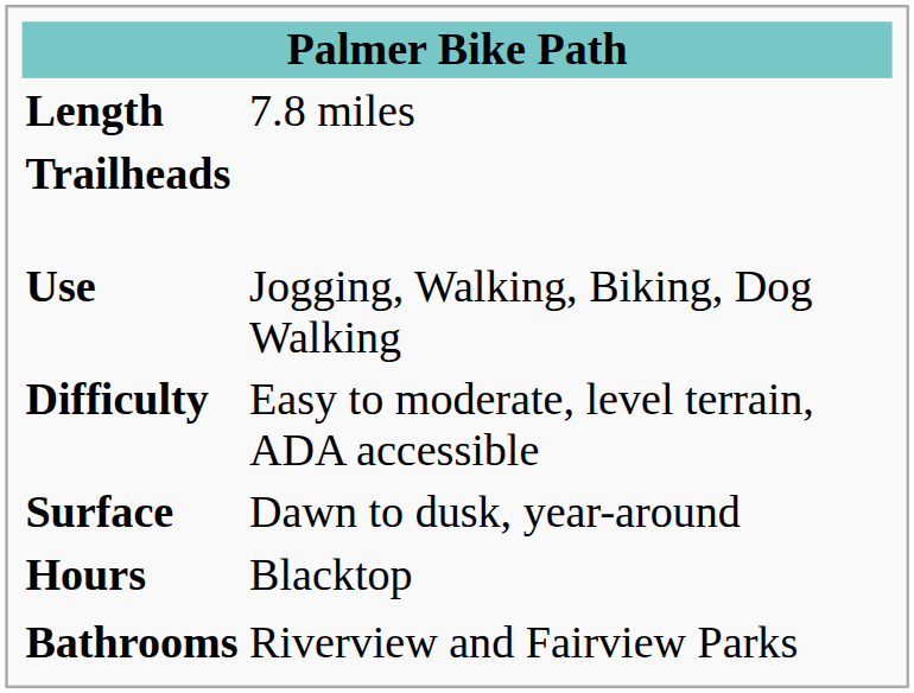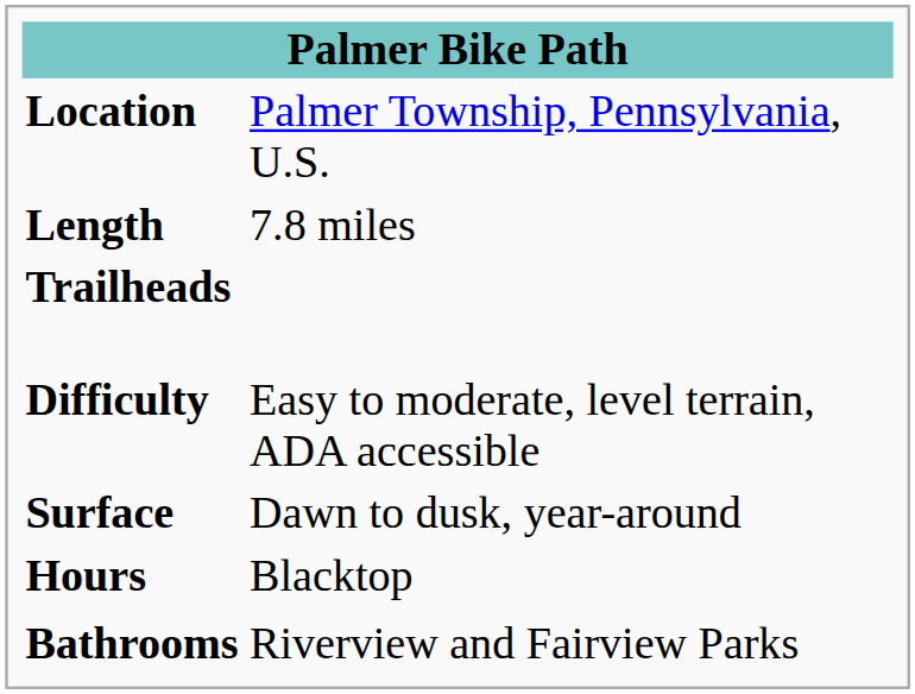 <table class="infobox" style="width: 20em;">
 <tr>
 <th style="background-color: #78c7c7" colspan="2"><div> Palmer Bike Path </div></th>
+</tr>
+<tr>
+<td><strong>Location</strong></td>
+<td><a href='#'>Palmer Township, Pennsylvania</a>, U.S.</td>
 </tr>
 <tr>
 <td><strong>Length</strong></td>
 <td>7.8 miles</td>
 </tr>
 <tr>
 <td><strong>Trailheads</strong></td>
 <td><br><br> </td>
-</tr>
-<tr>
-<td><strong>Use</strong></td>
-<td>Jogging, Walking, Biking, Dog Walking</td>
 </tr>
 <tr>
 <td><strong>Difficulty</strong></td>
 <td>Easy to moderate, level terrain, ADA accessible</td>
 </tr>
 <tr>
 <td><strong>Surface </strong></td>
 <td>Dawn to dusk, year-around</td>
 </tr>
 <tr>
 <td><strong>Hours</strong></td>
 <td>Blacktop</td>
 </tr>
 <tr>
 </tr>
 <tr>
 <td><strong>Bathrooms</strong></td>
 <td>Riverview and Fairview Parks</td>
 </tr>
 </table>
